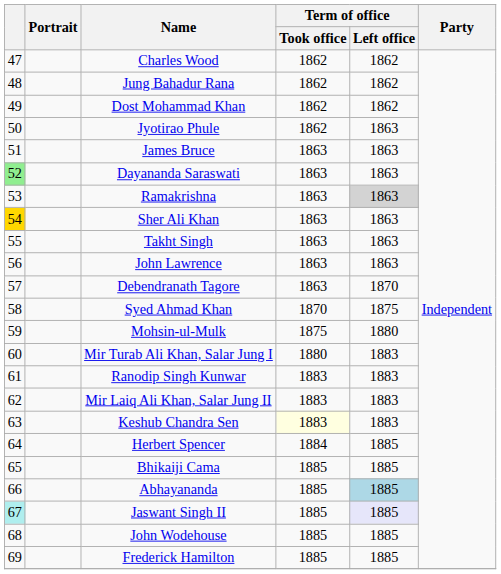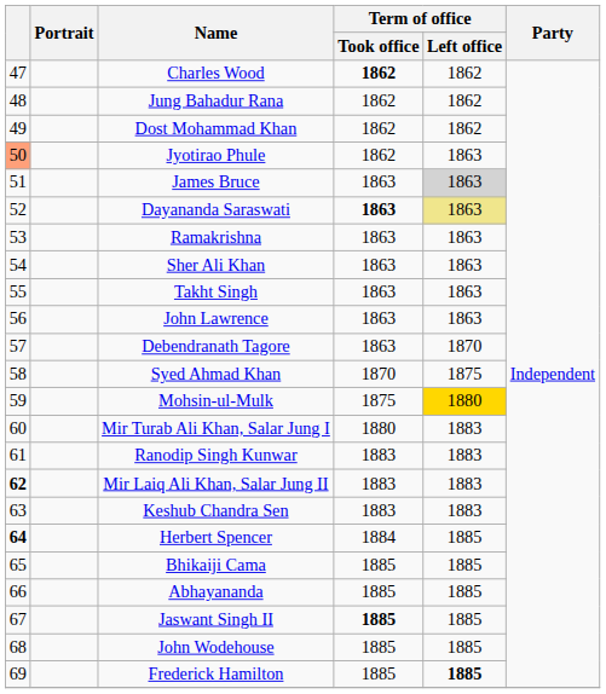 <table class="wikitable" style="text-align:center">
 <tr>
 <th rowspan="2" scope="col"></th>
 <th rowspan="2" scope="col">Portrait</th>
 <th rowspan="2" scope="col">Name<br></th>
 <th colspan="2" scope="col">Term of office</th>
 <th rowspan="2" scope="col">Party</th>
 </tr>
 <tr>
 <th>Took office</th>
 <th>Left office</th>
 </tr>
 <tr>
 <td>47</td>
 <td></td>
 <td><a href='#'>Charles Wood</a></td>
-<td>1862</td>
+<td><strong>1862</strong></td>
 <td>1862</td>
 <td rowspan="23"><a href='#'>Independent</a></td>
 </tr>
 <tr>
 <td>48</td>
 <td></td>
 <td><a href='#'>Jung Bahadur Rana</a></td>
 <td>1862</td>
 <td>1862</td>
 </tr>
 <tr>
 <td>49</td>
 <td></td>
 <td><a href='#'>Dost Mohammad Khan</a></td>
 <td>1862</td>
 <td>1862</td>
 </tr>
 <tr>
-<td>50</td>
+<td style="background: lightsalmon;">50</td>
 <td></td>
 <td><a href='#'>Jyotirao Phule</a></td>
 <td>1862</td>
 <td>1863</td>
 </tr>
 <tr>
 <td>51</td>
 <td></td>
 <td><a href='#'>James Bruce</a></td>
 <td>1863</td>
-<td>1863</td>
+<td style="background: lightgrey;">1863</td>
 </tr>
 <tr>
-<td style="background: lightgreen;">52</td>
+<td>52</td>
 <td></td>
 <td><a href='#'>Dayananda Saraswati</a></td>
-<td>1863</td>
-<td>1863</td>
+<td><strong>1863</strong></td>
+<td style="background: khaki;">1863</td>
 </tr>
 <tr>
 <td>53</td>
 <td></td>
 <td><a href='#'>Ramakrishna</a></td>
 <td>1863</td>
-<td style="background: lightgrey;">1863</td>
+<td>1863</td>
 </tr>
 <tr>
-<td style="background: gold;">54</td>
+<td>54</td>
 <td></td>
 <td><a href='#'>Sher Ali Khan</a></td>
 <td>1863</td>
 <td>1863</td>
 </tr>
 <tr>
 <td>55</td>
 <td></td>
 <td><a href='#'>Takht Singh</a></td>
 <td>1863</td>
 <td>1863</td>
 </tr>
 <tr>
 <td>56</td>
 <td></td>
 <td><a href='#'>John Lawrence</a></td>
 <td>1863</td>
 <td>1863</td>
 </tr>
 <tr>
 <td>57</td>
 <td></td>
 <td><a href='#'>Debendranath Tagore</a></td>
 <td>1863</td>
 <td>1870</td>
 </tr>
 <tr>
 <td>58</td>
 <td></td>
 <td><a href='#'>Syed Ahmad Khan</a></td>
 <td>1870</td>
 <td>1875</td>
 </tr>
 <tr>
 <td>59</td>
 <td></td>
 <td><a href='#'>Mohsin-ul-Mulk</a></td>
 <td>1875</td>
-<td>1880</td>
+<td style="background: gold;">1880</td>
 </tr>
 <tr>
 <td>60</td>
 <td></td>
 <td><a href='#'>Mir Turab Ali Khan, Salar Jung I</a></td>
 <td>1880</td>
 <td>1883</td>
 </tr>
 <tr>
 <td>61</td>
 <td></td>
 <td><a href='#'>Ranodip Singh Kunwar</a></td>
 <td>1883</td>
 <td>1883</td>
 </tr>
 <tr>
-<td>62</td>
+<td><strong>62</strong></td>
 <td></td>
 <td><a href='#'>Mir Laiq Ali Khan, Salar Jung II</a></td>
 <td>1883</td>
 <td>1883</td>
 </tr>
 <tr>
 <td>63</td>
 <td></td>
 <td><a href='#'>Keshub Chandra Sen</a></td>
-<td style="background: lightyellow;">1883</td>
+<td>1883</td>
 <td>1883</td>
 </tr>
 <tr>
-<td>64</td>
+<td><strong>64</strong></td>
 <td></td>
 <td><a href='#'>Herbert Spencer</a></td>
 <td>1884</td>
 <td>1885</td>
 </tr>
 <tr>
 <td>65</td>
 <td></td>
 <td><a href='#'>Bhikaiji Cama</a></td>
 <td>1885</td>
 <td>1885</td>
 </tr>
 <tr>
 <td>66</td>
 <td></td>
 <td><a href='#'>Abhayananda</a></td>
 <td>1885</td>
-<td style="background: lightblue;">1885</td>
+<td>1885</td>
 </tr>
 <tr>
-<td style="background: paleturquoise;">67</td>
+<td>67</td>
 <td></td>
 <td><a href='#'>Jaswant Singh II</a></td>
+<td><strong>1885</strong></td>
 <td>1885</td>
-<td style="background: lavender;">1885</td>
 </tr>
 <tr>
 <td>68</td>
 <td></td>
 <td><a href='#'>John Wodehouse</a></td>
 <td>1885</td>
 <td>1885</td>
 </tr>
 <tr>
 <td>69</td>
 <td></td>
 <td><a href='#'>Frederick Hamilton</a></td>
 <td>1885</td>
-<td>1885</td>
+<td><strong>1885</strong></td>
 </tr>
 <tr>
 </tr>
 </table>
